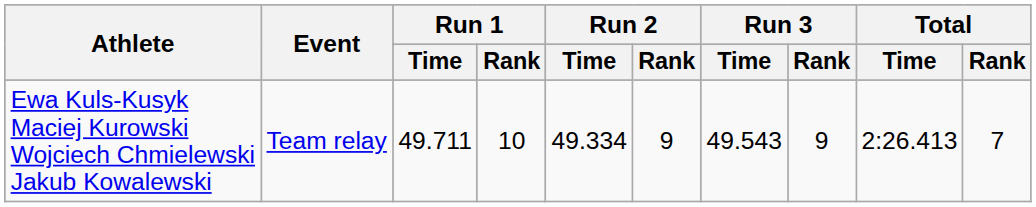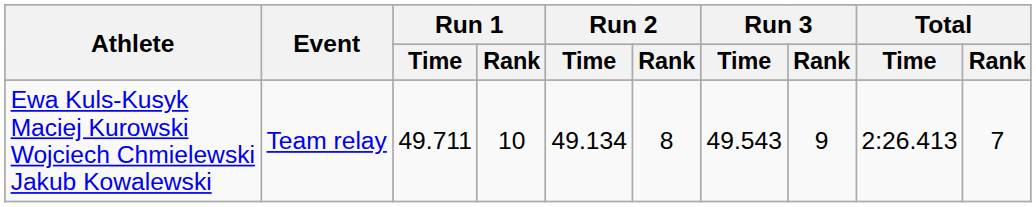 <table class="wikitable" style="font-size:90%">
 <tr>
 <th rowspan="2">Athlete</th>
 <th rowspan="2">Event</th>
 <th colspan=2>Run 1</th>
 <th colspan=2>Run 2</th>
 <th colspan=2>Run 3</th>
 <th colspan=2>Total</th>
 </tr>
 <tr style="font-size:95%">
 <th>Time</th>
 <th>Rank</th>
 <th>Time</th>
 <th>Rank</th>
 <th>Time</th>
 <th>Rank</th>
 <th>Time</th>
 <th>Rank</th>
 </tr>
 <tr align=center>
 <td align=left><a href='#'>Ewa Kuls-Kusyk</a><br><a href='#'>Maciej Kurowski</a><br><a href='#'>Wojciech Chmielewski</a><br><a href='#'>Jakub Kowalewski</a></td>
 <td align=left><a href='#'>Team relay</a></td>
 <td>49.711</td>
 <td>10</td>
-<td>49.334</td>
-<td>9</td>
+<td>49.134</td>
+<td>8</td>
 <td>49.543</td>
 <td>9</td>
 <td>2:26.413</td>
 <td>7</td>
 </tr>
 </table>
